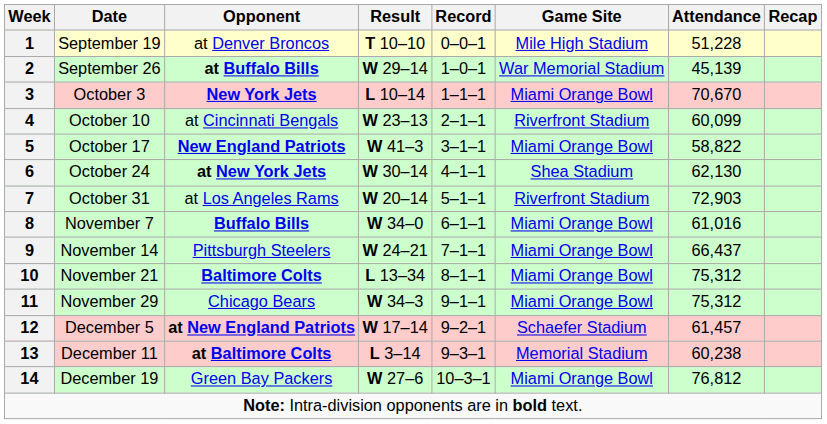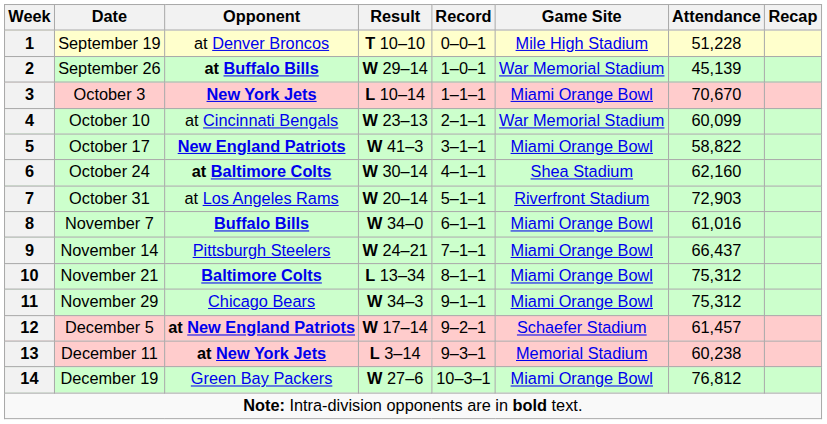 <table class="wikitable" style="text-align:center">
 <tr>
 <th>Week</th>
 <th>Date</th>
 <th>Opponent</th>
 <th>Result</th>
 <th>Record</th>
 <th>Game Site</th>
 <th>Attendance</th>
 <th>Recap</th>
 </tr>
 <tr style="background: #ffc">
 <th>1</th>
 <td>September 19</td>
 <td>at <a href='#'>Denver Broncos</a></td>
 <td><strong>T</strong> 10–10</td>
 <td>0–0–1</td>
 <td><a href='#'>Mile High Stadium</a></td>
 <td>51,228</td>
 <td></td>
 </tr>
 <tr style="background:#cfc">
 <th>2</th>
 <td>September 26</td>
 <td><strong>at <a href='#'>Buffalo Bills</a></strong></td>
 <td><strong>W</strong> 29–14</td>
 <td>1–0–1</td>
 <td><a href='#'>War Memorial Stadium</a></td>
 <td>45,139</td>
 <td></td>
 </tr>
 <tr style="background:#fcc">
 <th>3</th>
 <td>October 3</td>
 <td><strong><a href='#'>New York Jets</a></strong></td>
 <td><strong>L</strong> 10–14</td>
 <td>1–1–1</td>
 <td><a href='#'>Miami Orange Bowl</a></td>
 <td>70,670</td>
 <td></td>
 </tr>
 <tr style="background:#cfc">
 <th>4</th>
 <td>October 10</td>
 <td>at <a href='#'>Cincinnati Bengals</a></td>
 <td><strong>W</strong> 23–13</td>
 <td>2–1–1</td>
-<td><a href='#'>Riverfront Stadium</a></td>
+<td><a href='#'>War Memorial Stadium</a></td>
 <td>60,099</td>
 <td></td>
 </tr>
 <tr style="background:#cfc">
 <th>5</th>
 <td>October 17</td>
 <td><strong><a href='#'>New England Patriots</a></strong></td>
 <td><strong>W</strong> 41–3</td>
 <td>3–1–1</td>
 <td><a href='#'>Miami Orange Bowl</a></td>
 <td>58,822</td>
 <td></td>
 </tr>
 <tr style="background:#cfc">
 <th>6</th>
 <td>October 24</td>
-<td><strong>at <a href='#'>New York Jets</a></strong></td>
+<td><strong>at <a href='#'>Baltimore Colts</a></strong></td>
 <td><strong>W</strong> 30–14</td>
 <td>4–1–1</td>
 <td><a href='#'>Shea Stadium</a></td>
-<td>62,130</td>
+<td>62,160</td>
 <td></td>
 </tr>
 <tr style="background:#cfc">
 <th>7</th>
 <td>October 31</td>
 <td>at <a href='#'>Los Angeles Rams</a></td>
 <td><strong>W</strong> 20–14</td>
 <td>5–1–1</td>
 <td><a href='#'>Riverfront Stadium</a></td>
 <td>72,903</td>
 <td></td>
 </tr>
 <tr style="background:#cfc">
 <th>8</th>
 <td>November 7</td>
 <td><strong><a href='#'>Buffalo Bills</a></strong></td>
 <td><strong>W</strong> 34–0</td>
 <td>6–1–1</td>
 <td><a href='#'>Miami Orange Bowl</a></td>
 <td>61,016</td>
 <td></td>
 </tr>
 <tr style="background:#cfc">
 <th>9</th>
 <td>November 14</td>
 <td><a href='#'>Pittsburgh Steelers</a></td>
 <td><strong>W</strong> 24–21</td>
 <td>7–1–1</td>
 <td><a href='#'>Miami Orange Bowl</a></td>
 <td>66,437</td>
 <td></td>
 </tr>
 <tr style="background:#cfc">
 <th>10</th>
 <td>November 21</td>
 <td><strong><a href='#'>Baltimore Colts</a></strong></td>
 <td><strong>L</strong> 13–34</td>
 <td>8–1–1</td>
 <td><a href='#'>Miami Orange Bowl</a></td>
 <td>75,312</td>
 <td></td>
 </tr>
 <tr style="background:#cfc">
 <th>11</th>
 <td>November 29</td>
 <td><a href='#'>Chicago Bears</a></td>
 <td><strong>W</strong> 34–3</td>
 <td>9–1–1</td>
 <td><a href='#'>Miami Orange Bowl</a></td>
 <td>75,312</td>
 <td></td>
 </tr>
 <tr style="background:#fcc">
 <th>12</th>
 <td>December 5</td>
 <td><strong>at <a href='#'>New England Patriots</a></strong></td>
 <td><strong>W</strong> 17–14</td>
 <td>9–2–1</td>
 <td><a href='#'>Schaefer Stadium</a></td>
 <td>61,457</td>
 <td></td>
 </tr>
 <tr style="background:#fcc">
 <th>13</th>
 <td>December 11</td>
-<td><strong>at <a href='#'>Baltimore Colts</a></strong></td>
+<td><strong>at <a href='#'>New York Jets</a></strong></td>
 <td><strong>L</strong> 3–14</td>
 <td>9–3–1</td>
 <td><a href='#'>Memorial Stadium</a></td>
 <td>60,238</td>
 <td></td>
 </tr>
 <tr style="background:#cfc">
 <th>14</th>
 <td>December 19</td>
 <td><a href='#'>Green Bay Packers</a></td>
 <td><strong>W</strong> 27–6</td>
 <td>10–3–1</td>
 <td><a href='#'>Miami Orange Bowl</a></td>
 <td>76,812</td>
 <td></td>
 </tr>
 <tr>
 <td colspan="8"><strong>Note:</strong> Intra-division opponents are in <strong>bold</strong> text.</td>
 </tr>
 </table>
